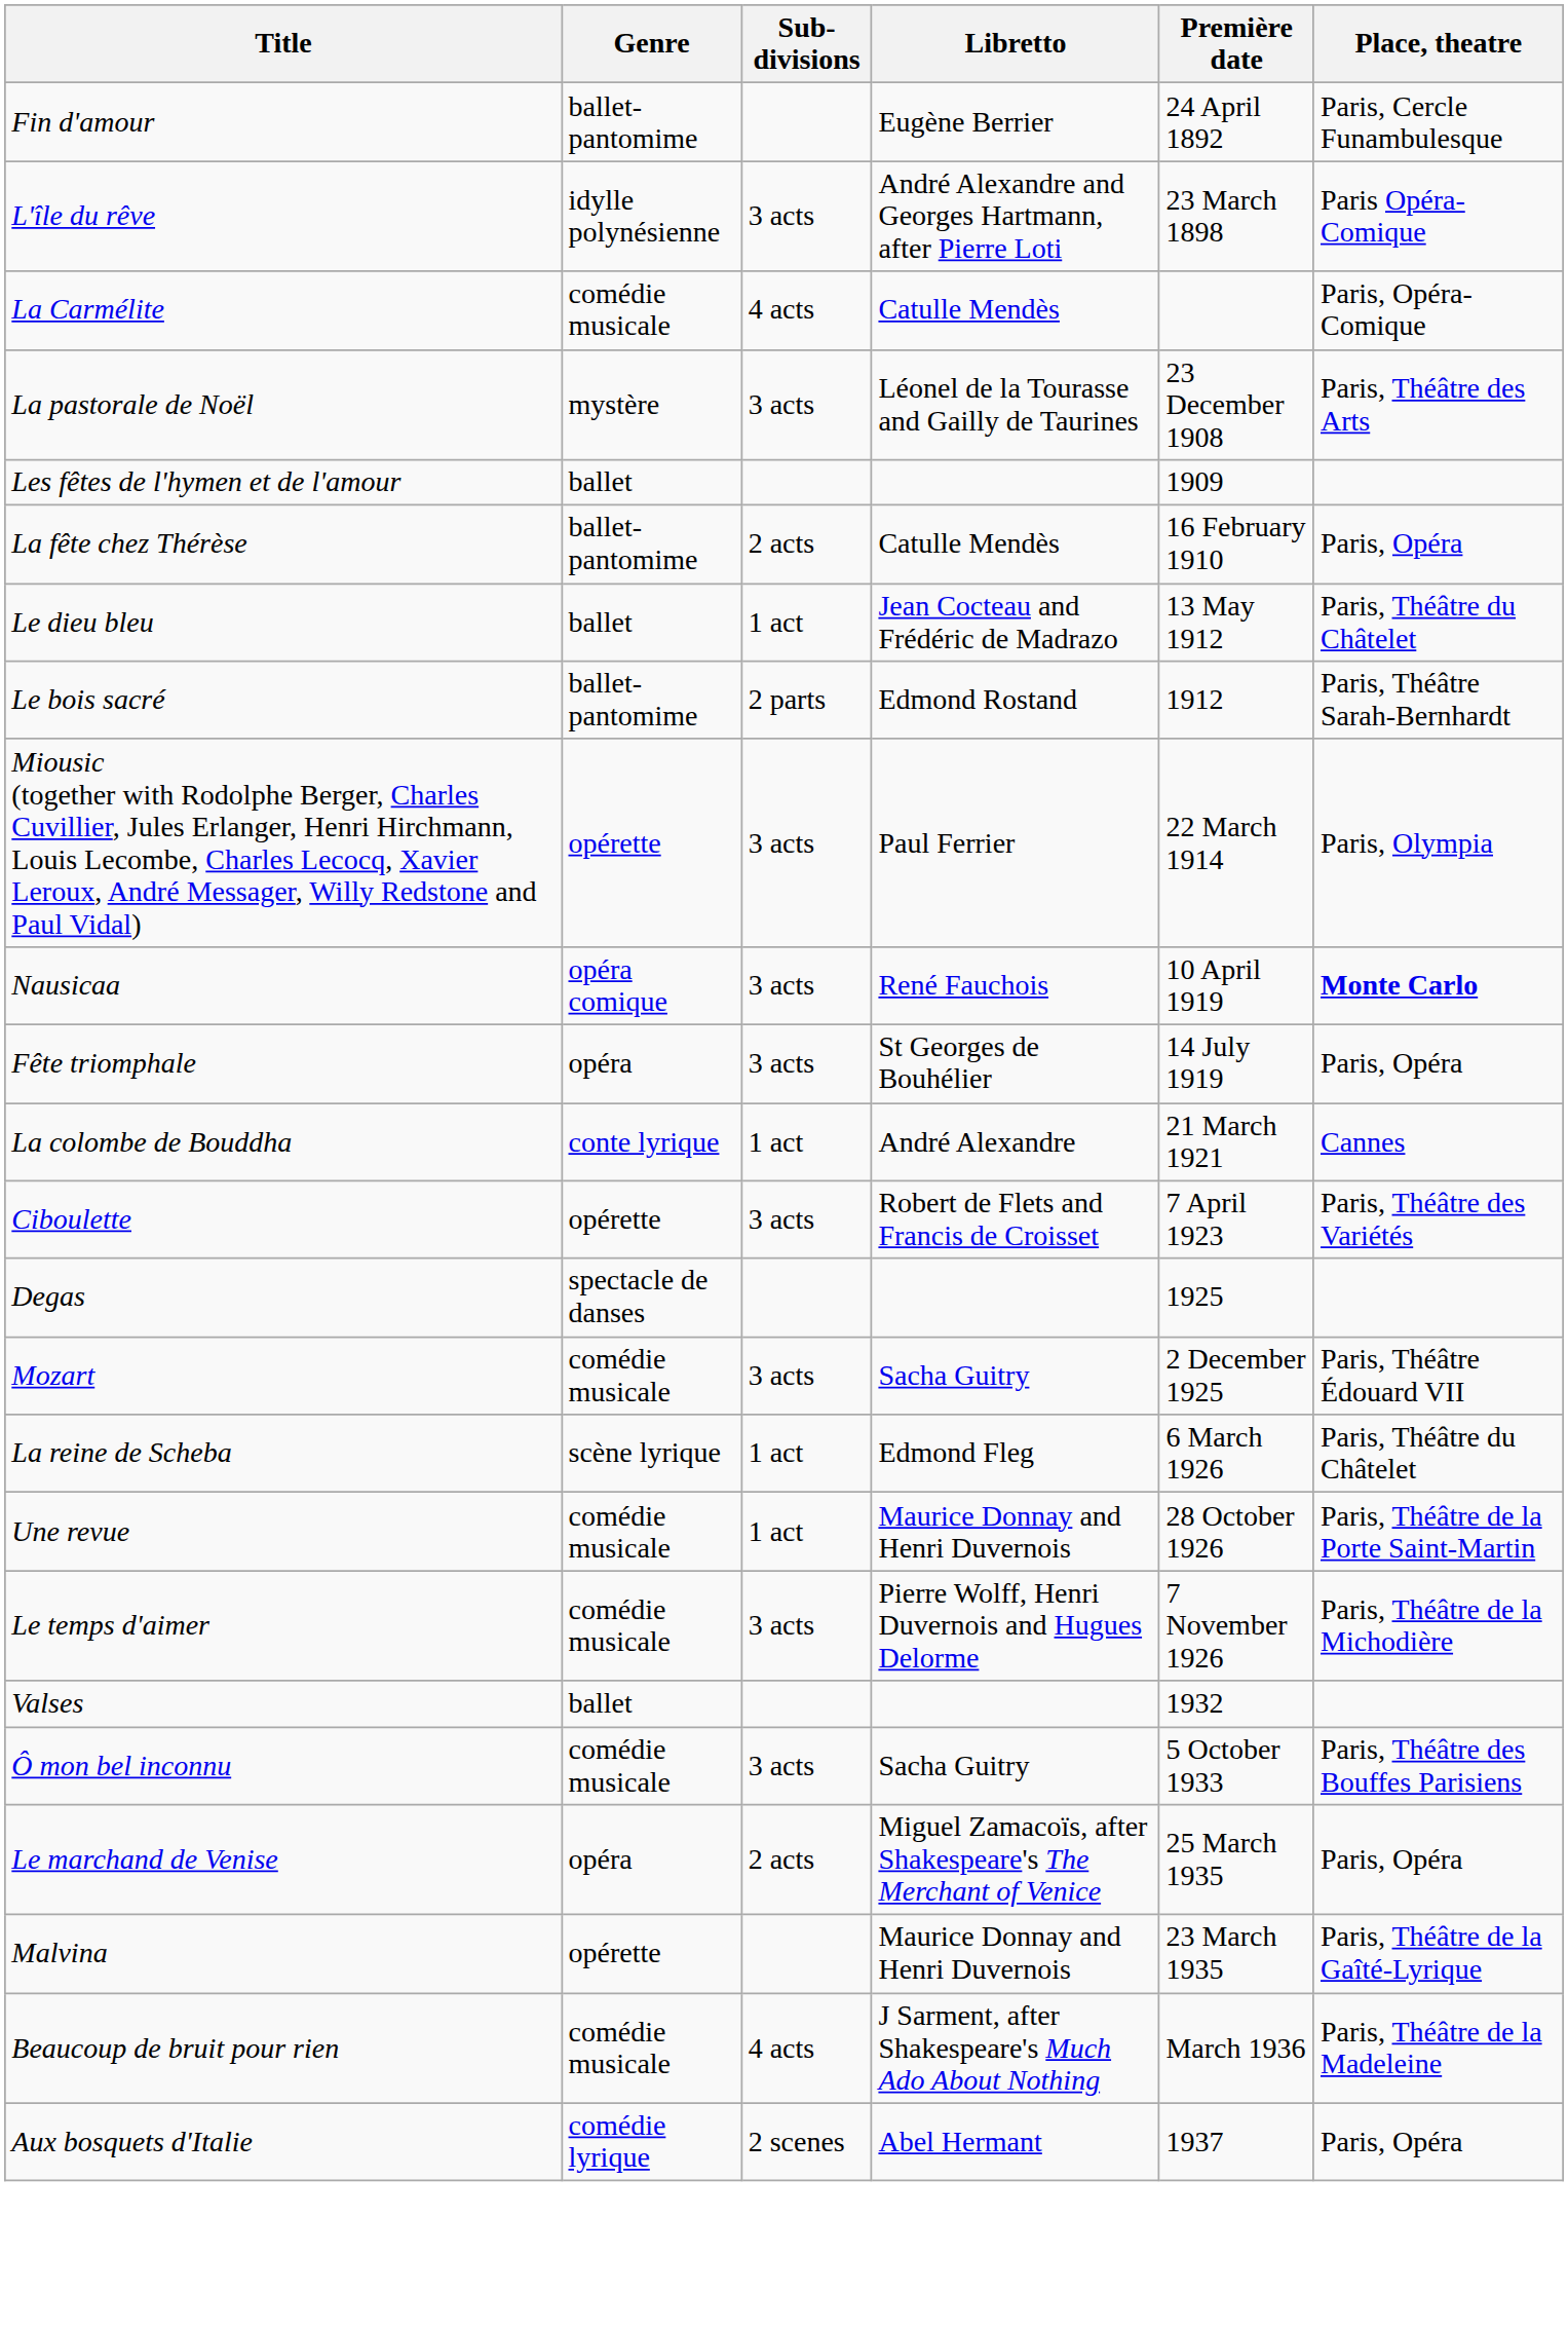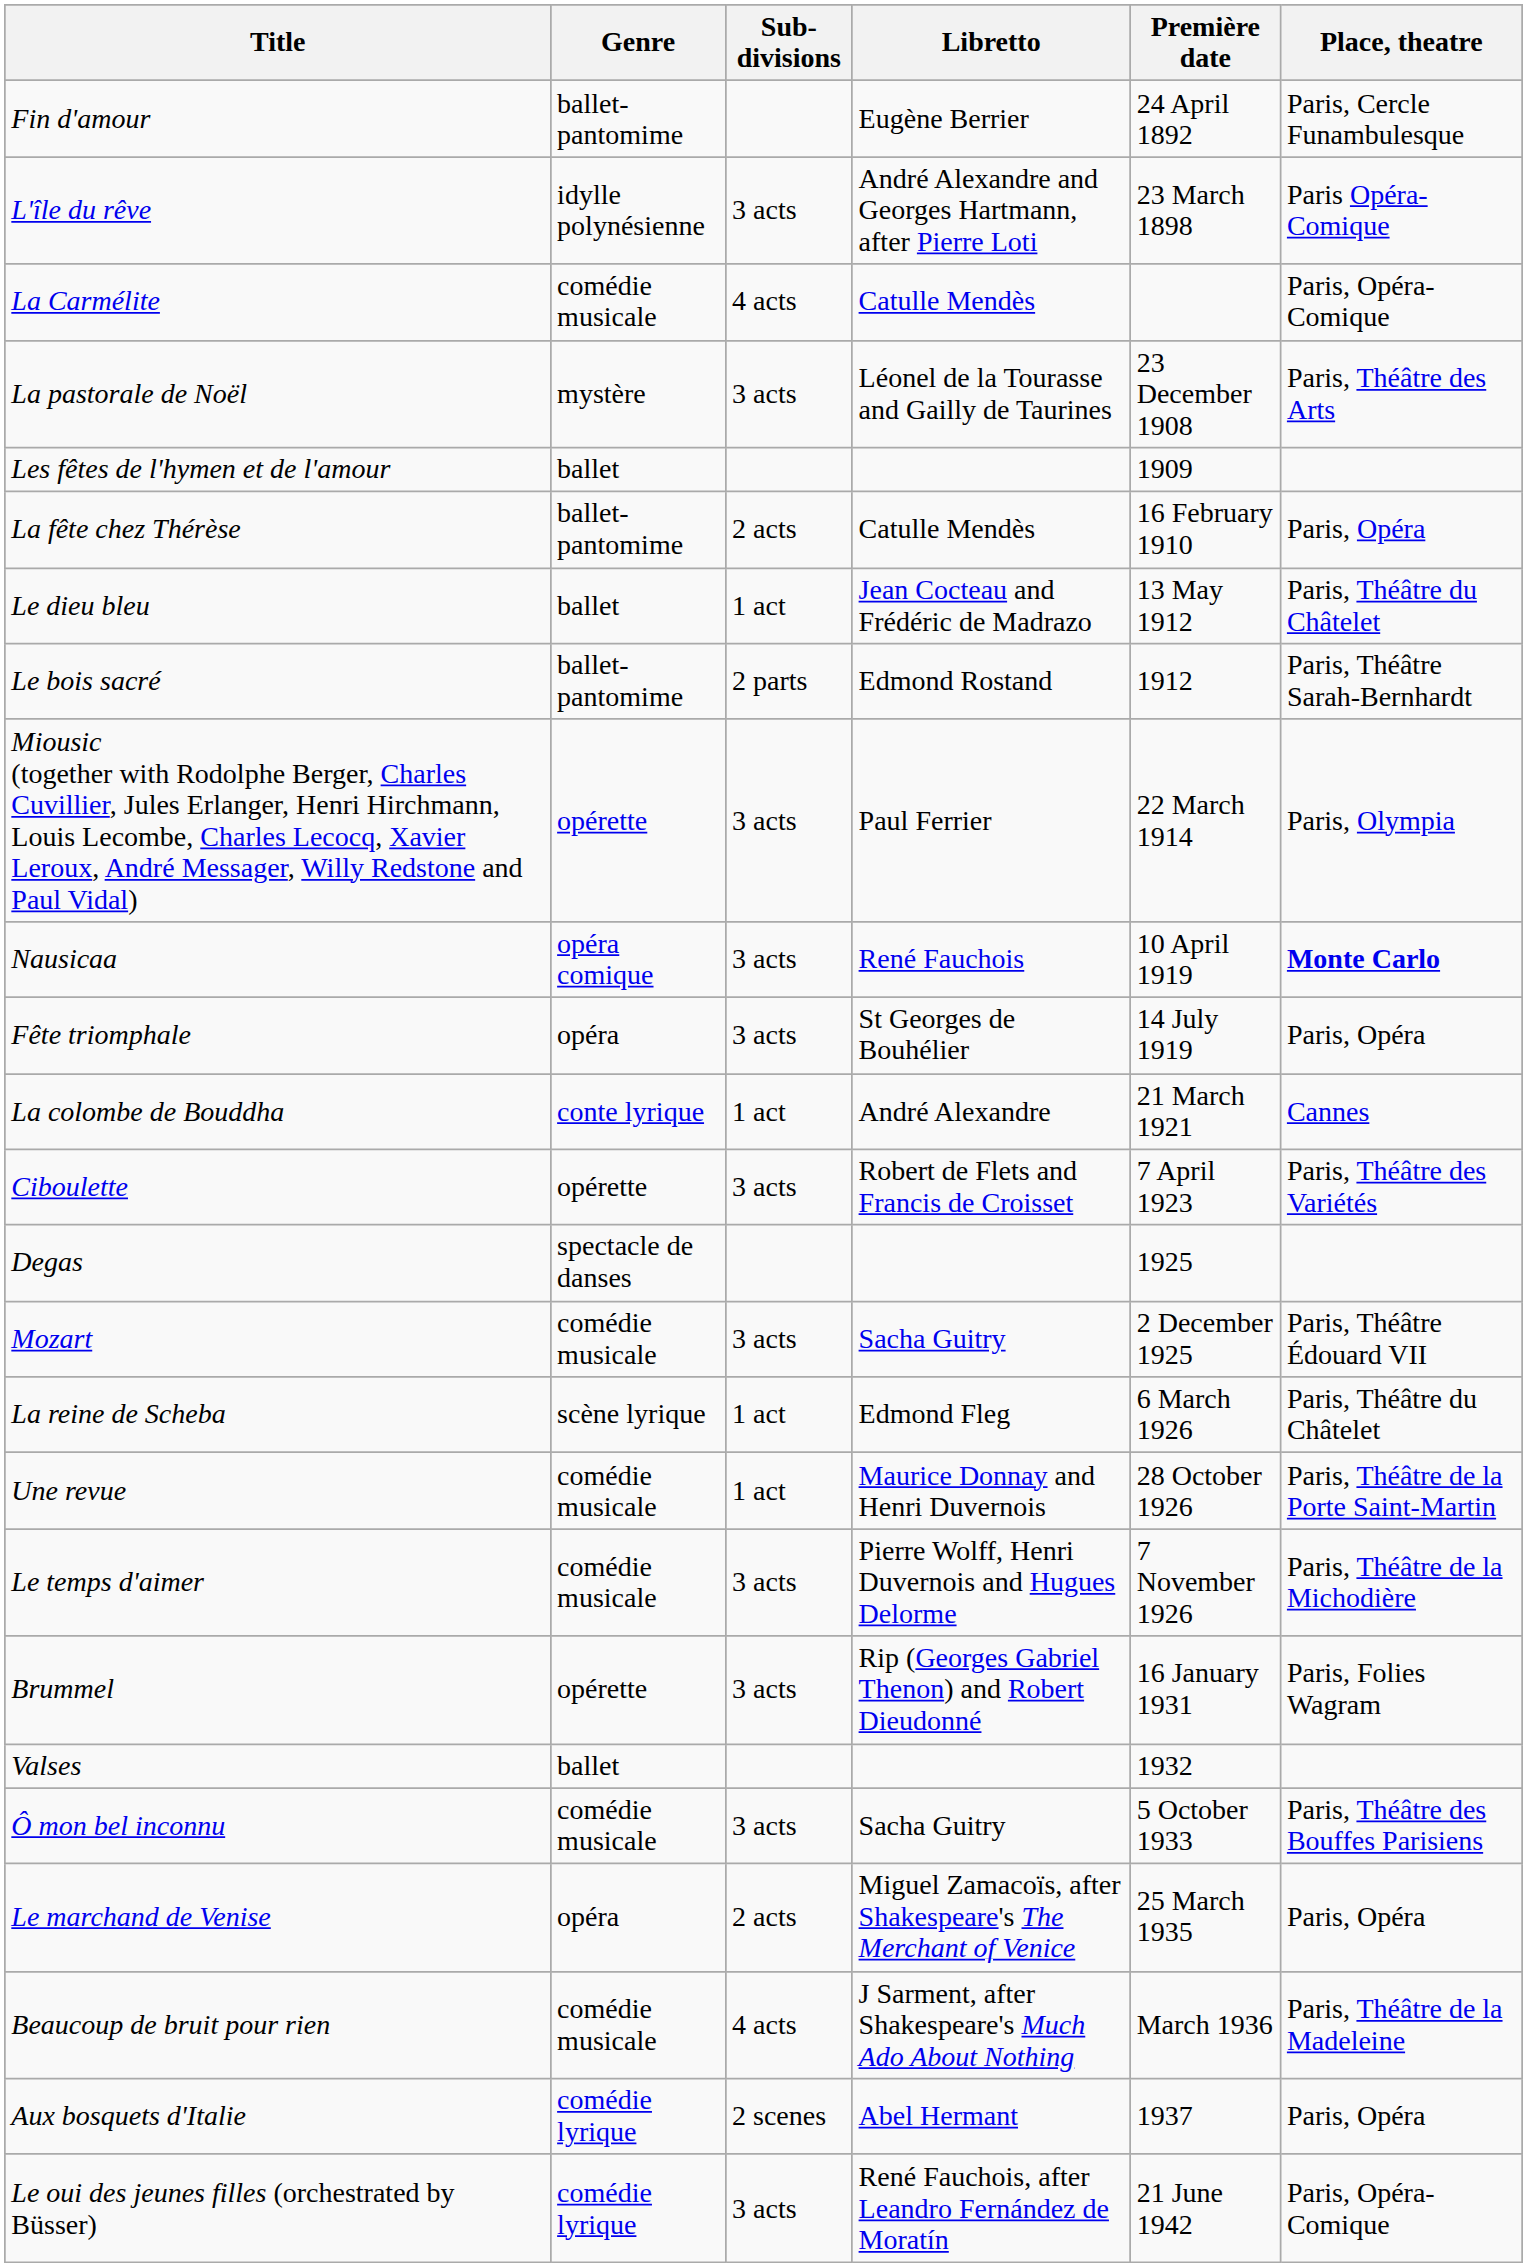 <table class="wikitable sortable">
 <tr>
 <th>Title</th>
 <th>Genre</th>
 <th>Sub­divisions</th>
 <th>Libretto</th>
 <th>Première date</th>
 <th>Place, theatre</th>
 </tr>
 <tr>
 <td><em>Fin d'amour</em></td>
 <td>ballet-pantomime</td>
 <td></td>
 <td>Eugène Berrier</td>
 <td>24 April 1892</td>
 <td>Paris, Cercle Funambulesque</td>
 </tr>
 <tr>
 <td><em><a href='#'>L'île du rêve</a></em></td>
 <td>idylle polynésienne</td>
 <td>3 acts</td>
 <td>André Alexandre and Georges Hartmann, after <a href='#'>Pierre Loti</a></td>
 <td>23 March 1898</td>
 <td>Paris <a href='#'>Opéra-Comique</a></td>
 </tr>
 <tr>
 <td><em><a href='#'>La Carmélite</a></em></td>
 <td>comédie musicale</td>
 <td>4 acts</td>
 <td><a href='#'>Catulle Mendès</a></td>
 <td></td>
 <td>Paris, Opéra-Comique</td>
 </tr>
 <tr>
 <td><em>La pastorale de Noël</em></td>
 <td>mystère</td>
 <td>3 acts</td>
 <td>Léonel de la Tourasse and Gailly de Taurines</td>
 <td>23 December 1908</td>
 <td>Paris, <a href='#'>Théâtre des Arts</a></td>
 </tr>
 <tr>
 <td><em>Les fêtes de l'hymen et de l'amour</em></td>
 <td>ballet</td>
 <td></td>
 <td></td>
 <td>1909</td>
 <td></td>
 </tr>
 <tr>
 <td><em>La fête chez Thérèse</em></td>
 <td>ballet-pantomime</td>
 <td>2 acts</td>
 <td>Catulle Mendès</td>
 <td>16 February 1910</td>
 <td>Paris, <a href='#'>Opéra</a></td>
 </tr>
 <tr>
 <td><em>Le dieu bleu</em></td>
 <td>ballet</td>
 <td>1 act</td>
 <td><a href='#'>Jean Cocteau</a> and Frédéric de Madrazo</td>
 <td>13 May 1912</td>
 <td>Paris, <a href='#'>Théâtre du Châtelet</a></td>
 </tr>
 <tr>
 <td><em>Le bois sacré</em></td>
 <td>ballet-pantomime</td>
 <td>2 parts</td>
 <td>Edmond Rostand</td>
 <td>1912</td>
 <td>Paris, Théâtre Sarah-Bernhardt</td>
 </tr>
 <tr>
 <td><em>Miousic</em><br>(together with Rodolphe Berger, <a href='#'>Charles Cuvillier</a>, Jules Erlanger, Henri Hirchmann, Louis Lecombe, <a href='#'>Charles Lecocq</a>, <a href='#'>Xavier Leroux</a>, <a href='#'>André Messager</a>, <a href='#'>Willy Redstone</a> and <a href='#'>Paul Vidal</a>)</td>
 <td><a href='#'>opérette</a></td>
 <td>3 acts</td>
 <td>Paul Ferrier</td>
 <td>22 March 1914</td>
 <td>Paris, <a href='#'>Olympia</a></td>
 </tr>
 <tr>
 <td><em>Nausicaa</em></td>
 <td><a href='#'>opéra comique</a></td>
 <td>3 acts</td>
 <td><a href='#'>René Fauchois</a></td>
 <td>10 April 1919</td>
 <td><strong><a href='#'>Monte Carlo</a></strong></td>
 </tr>
 <tr>
 <td><em>Fête triomphale</em></td>
 <td>opéra</td>
 <td>3 acts</td>
 <td>St Georges de Bouhélier</td>
 <td>14 July 1919</td>
 <td>Paris, Opéra</td>
 </tr>
 <tr>
 <td><em>La colombe de Bouddha</em></td>
 <td><a href='#'>conte lyrique</a></td>
 <td>1 act</td>
 <td>André Alexandre</td>
 <td>21 March 1921</td>
 <td><a href='#'>Cannes</a></td>
 </tr>
 <tr>
 <td><em><a href='#'>Ciboulette</a></em></td>
 <td>opérette</td>
 <td>3 acts</td>
 <td>Robert de Flets and <a href='#'>Francis de Croisset</a></td>
 <td>7 April 1923</td>
 <td>Paris, <a href='#'>Théâtre des Variétés</a></td>
 </tr>
 <tr>
 <td><em>Degas</em></td>
 <td>spectacle de danses</td>
 <td></td>
 <td></td>
 <td>1925</td>
 <td></td>
 </tr>
 <tr>
 <td><em><a href='#'>Mozart</a></em></td>
 <td>comédie musicale</td>
 <td>3 acts</td>
 <td><a href='#'>Sacha Guitry</a></td>
 <td>2 December 1925</td>
 <td>Paris, Théâtre Édouard VII</td>
 </tr>
 <tr>
 <td><em>La reine de Scheba</em></td>
 <td>scène lyrique</td>
 <td>1 act</td>
 <td>Edmond Fleg</td>
 <td>6 March 1926</td>
 <td>Paris, Théâtre du Châtelet</td>
 </tr>
 <tr>
 <td><em>Une revue</em></td>
 <td>comédie musicale</td>
 <td>1 act</td>
 <td><a href='#'>Maurice Donnay</a> and Henri Duvernois</td>
 <td>28 October 1926</td>
 <td>Paris, <a href='#'>Théâtre de la Porte Saint-Martin</a></td>
 </tr>
 <tr>
 <td><em>Le temps d'aimer</em></td>
 <td>comédie musicale</td>
 <td>3 acts</td>
 <td>Pierre Wolff, Henri Duvernois and <a href='#'>Hugues Delorme</a></td>
 <td>7 November 1926</td>
 <td>Paris, <a href='#'>Théâtre de la Michodière</a></td>
 </tr>
 <tr>
+<td><em>Brummel</em></td>
+<td>opérette</td>
+<td>3 acts</td>
+<td>Rip (<a href='#'>Georges Gabriel Thenon</a>) and <a href='#'>Robert Dieudonné</a></td>
+<td>16 January 1931</td>
+<td>Paris, Folies Wagram</td>
+</tr>
+<tr>
 <td><em>Valses</em></td>
 <td>ballet</td>
 <td></td>
 <td></td>
 <td>1932</td>
 <td></td>
 </tr>
 <tr>
 <td><em><a href='#'>Ô mon bel inconnu</a></em></td>
 <td>comédie musicale</td>
 <td>3 acts</td>
 <td>Sacha Guitry</td>
 <td>5 October 1933</td>
 <td>Paris, <a href='#'>Théâtre des Bouffes Parisiens</a></td>
 </tr>
 <tr>
 <td><em><a href='#'>Le marchand de Venise</a></em></td>
 <td>opéra</td>
 <td>2 acts</td>
 <td>Miguel Zamacoïs, after <a href='#'>Shakespeare</a>'s <em><a href='#'>The Merchant of Venice</a></em></td>
 <td>25 March 1935</td>
 <td>Paris, Opéra</td>
 </tr>
 <tr>
-<td><em>Malvina</em></td>
-<td>opérette</td>
-<td></td>
-<td>Maurice Donnay and Henri Duvernois</td>
-<td>23 March 1935</td>
-<td>Paris, <a href='#'>Théâtre de la Gaîté-Lyrique</a></td>
-</tr>
-<tr>
 <td><em>Beaucoup de bruit pour rien</em></td>
 <td>comédie musicale</td>
 <td>4 acts</td>
 <td>J Sarment, after Shakespeare's <em><a href='#'>Much Ado About Nothing</a></em></td>
 <td>March 1936</td>
 <td>Paris, <a href='#'>Théâtre de la Madeleine</a></td>
 </tr>
 <tr>
 <td><em>Aux bosquets d'Italie</em></td>
 <td><a href='#'>comédie lyrique</a></td>
 <td>2 scenes</td>
 <td><a href='#'>Abel Hermant</a></td>
 <td>1937</td>
 <td>Paris, Opéra</td>
 </tr>
+<tr>
+<td><em>Le oui des jeunes filles</em> (orchestrated by Büsser)</td>
+<td><a href='#'>comédie lyrique</a></td>
+<td>3 acts</td>
+<td>René Fauchois, after <a href='#'>Leandro Fernández de Moratín</a></td>
+<td>21 June 1942</td>
+<td>Paris, Opéra-Comique</td>
+</tr>
 </table>
